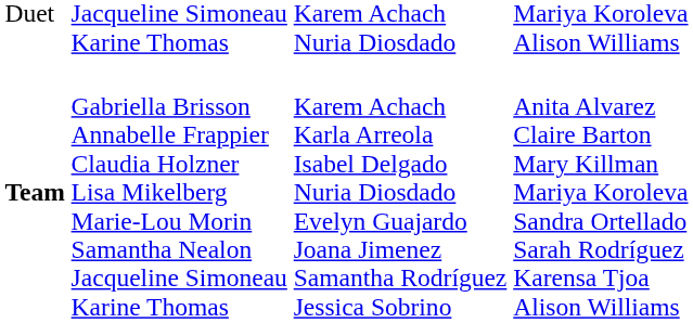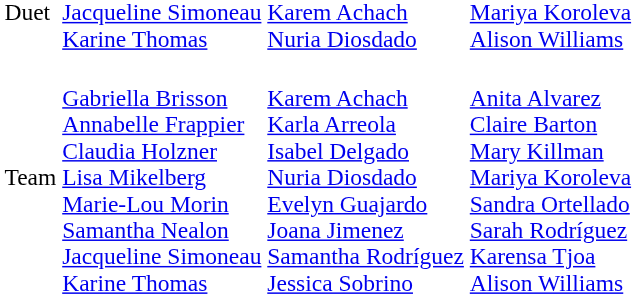 <table>
 <tr>
 <td>Duet<br></td>
 <td><br><a href='#'>Jacqueline Simoneau</a><br><a href='#'>Karine Thomas</a></td>
 <td><br><a href='#'>Karem Achach</a><br><a href='#'>Nuria Diosdado</a></td>
 <td><br><a href='#'>Mariya Koroleva</a><br><a href='#'>Alison Williams</a></td>
 </tr>
 <tr>
-<td><strong>Team<br></strong></td>
+<td>Team<br></td>
 <td><br><a href='#'>Gabriella Brisson</a><br><a href='#'>Annabelle Frappier</a><br><a href='#'>Claudia Holzner</a><br><a href='#'>Lisa Mikelberg</a><br><a href='#'>Marie-Lou Morin</a><br><a href='#'>Samantha Nealon</a><br><a href='#'>Jacqueline Simoneau</a><br><a href='#'>Karine Thomas</a></td>
 <td><br><a href='#'>Karem Achach</a><br><a href='#'>Karla Arreola</a><br><a href='#'>Isabel Delgado</a><br><a href='#'>Nuria Diosdado</a><br><a href='#'>Evelyn Guajardo</a><br><a href='#'>Joana Jimenez</a><br><a href='#'>Samantha Rodríguez</a><br><a href='#'>Jessica Sobrino</a></td>
 <td><br><a href='#'>Anita Alvarez</a><br><a href='#'>Claire Barton</a><br><a href='#'>Mary Killman</a><br><a href='#'>Mariya Koroleva</a><br><a href='#'>Sandra Ortellado</a><br><a href='#'>Sarah Rodríguez</a><br><a href='#'>Karensa Tjoa</a><br><a href='#'>Alison Williams</a></td>
 </tr>
 </table>
